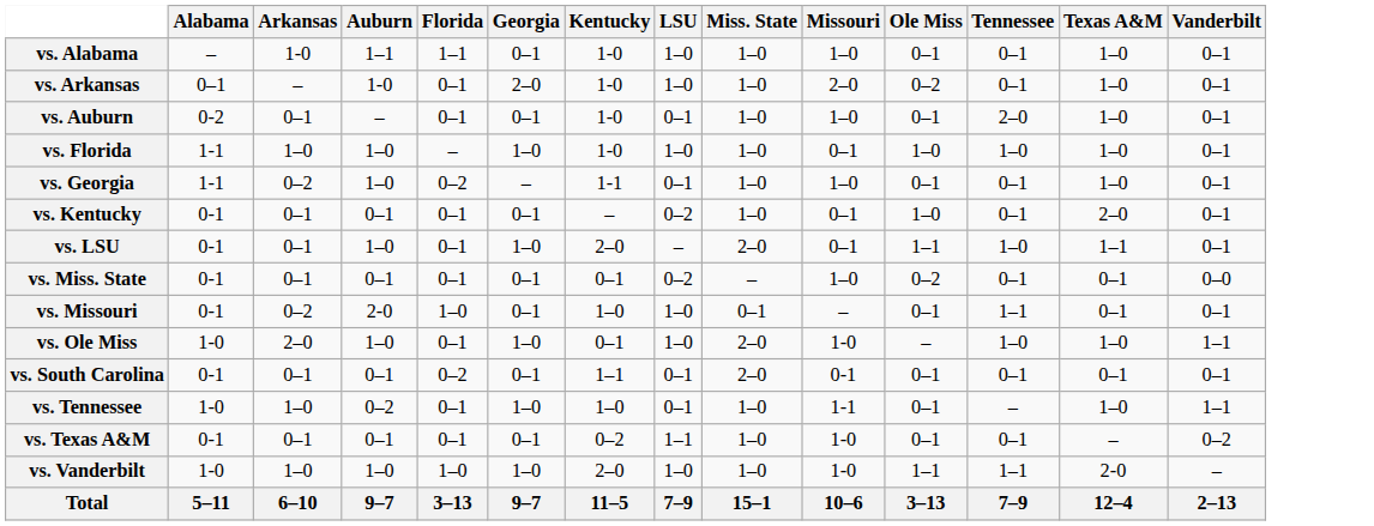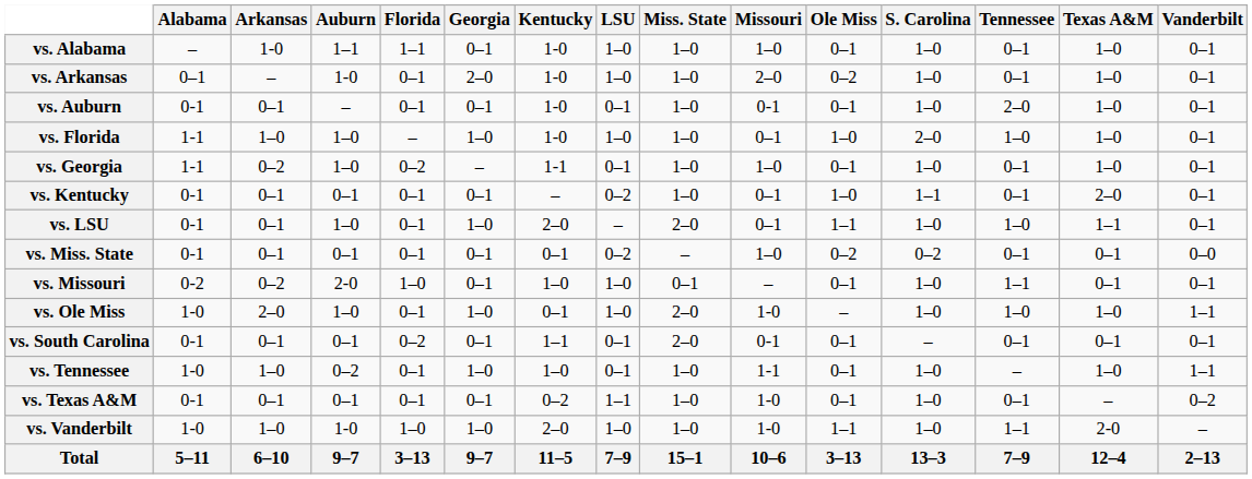 <table class="wikitable" style="white-space:nowrap; font-size:90%;">
 <tr>
 <td style="background:white; border-top-style:hidden; border-left-style:hidden;"></td>
 <th>Alabama</th>
 <th>Arkansas</th>
 <th>Auburn</th>
 <th>Florida</th>
 <th>Georgia</th>
 <th>Kentucky</th>
 <th>LSU</th>
 <th>Miss. State</th>
 <th>Missouri</th>
 <th>Ole Miss</th>
+<th>S. Carolina</th>
 <th>Tennessee</th>
 <th>Texas A&M</th>
 <th>Vanderbilt</th>
 </tr>
 <tr style="text-align:center;">
 <th>vs. Alabama</th>
 <td>–</td>
 <td>1-0</td>
 <td>1–1</td>
 <td>1–1</td>
 <td>0–1</td>
 <td>1-0</td>
 <td>1–0</td>
 <td>1–0</td>
 <td>1–0</td>
 <td>0–1</td>
+<td>1–0</td>
 <td>0–1</td>
 <td>1–0</td>
 <td>0–1</td>
 </tr>
 <tr style="text-align:center;">
 <th>vs. Arkansas</th>
 <td>0–1</td>
 <td>–</td>
 <td>1-0</td>
 <td>0–1</td>
 <td>2–0</td>
 <td>1-0</td>
 <td>1–0</td>
 <td>1–0</td>
 <td>2–0</td>
 <td>0–2</td>
+<td>1–0</td>
 <td>0–1</td>
 <td>1–0</td>
 <td>0–1</td>
 </tr>
 <tr style="text-align:center;">
 <th>vs. Auburn</th>
-<td>0-2</td>
+<td>0-1</td>
 <td>0–1</td>
 <td>–</td>
 <td>0–1</td>
 <td>0–1</td>
 <td>1-0</td>
 <td>0–1</td>
 <td>1–0</td>
+<td>0-1</td>
+<td>0–1</td>
 <td>1–0</td>
-<td>0–1</td>
 <td>2–0</td>
 <td>1–0</td>
 <td>0–1</td>
 </tr>
 <tr style="text-align:center;">
 <th>vs. Florida</th>
 <td>1-1</td>
 <td>1–0</td>
 <td>1–0</td>
 <td>–</td>
 <td>1–0</td>
 <td>1-0</td>
 <td>1–0</td>
 <td>1–0</td>
 <td>0–1</td>
 <td>1–0</td>
+<td>2–0</td>
 <td>1–0</td>
 <td>1–0</td>
 <td>0–1</td>
 </tr>
 <tr style="text-align:center;">
 <th>vs. Georgia</th>
 <td>1-1</td>
 <td>0–2</td>
 <td>1–0</td>
 <td>0–2</td>
 <td>–</td>
 <td>1-1</td>
 <td>0–1</td>
 <td>1–0</td>
 <td>1–0</td>
 <td>0–1</td>
+<td>1–0</td>
 <td>0–1</td>
 <td>1–0</td>
 <td>0–1</td>
 </tr>
 <tr style="text-align:center;">
 <th>vs. Kentucky</th>
 <td>0-1</td>
 <td>0–1</td>
 <td>0–1</td>
 <td>0–1</td>
 <td>0–1</td>
 <td>–</td>
 <td>0–2</td>
 <td>1–0</td>
 <td>0–1</td>
 <td>1–0</td>
+<td>1–1</td>
 <td>0–1</td>
 <td>2–0</td>
 <td>0–1</td>
 </tr>
 <tr style="text-align:center;">
 <th>vs. LSU</th>
 <td>0-1</td>
 <td>0–1</td>
 <td>1–0</td>
 <td>0–1</td>
 <td>1–0</td>
 <td>2–0</td>
 <td>–</td>
 <td>2–0</td>
 <td>0–1</td>
 <td>1–1</td>
 <td>1–0</td>
+<td>1–0</td>
 <td>1–1</td>
 <td>0–1</td>
 </tr>
 <tr style="text-align:center;">
 <th>vs. Miss. State</th>
 <td>0-1</td>
 <td>0–1</td>
 <td>0–1</td>
 <td>0–1</td>
 <td>0–1</td>
 <td>0–1</td>
 <td>0–2</td>
 <td>–</td>
 <td>1–0</td>
 <td>0–2</td>
+<td>0–2</td>
 <td>0–1</td>
 <td>0–1</td>
 <td>0–0</td>
 </tr>
 <tr style="text-align:center;">
 <th>vs. Missouri</th>
-<td>0-1</td>
+<td>0-2</td>
 <td>0–2</td>
 <td>2-0</td>
 <td>1–0</td>
 <td>0–1</td>
 <td>1–0</td>
 <td>1–0</td>
 <td>0–1</td>
 <td>–</td>
 <td>0–1</td>
+<td>1–0</td>
 <td>1–1</td>
 <td>0–1</td>
 <td>0–1</td>
 </tr>
 <tr style="text-align:center;">
 <th>vs. Ole Miss</th>
 <td>1-0</td>
 <td>2–0</td>
 <td>1–0</td>
 <td>0–1</td>
 <td>1–0</td>
 <td>0–1</td>
 <td>1–0</td>
 <td>2–0</td>
 <td>1-0</td>
 <td>–</td>
 <td>1–0</td>
 <td>1–0</td>
+<td>1–0</td>
 <td>1–1</td>
 </tr>
 <tr style="text-align:center;">
 <th>vs. South Carolina</th>
 <td>0-1</td>
 <td>0–1</td>
 <td>0–1</td>
 <td>0–2</td>
 <td>0–1</td>
 <td>1–1</td>
 <td>0–1</td>
 <td>2–0</td>
 <td>0-1</td>
 <td>0–1</td>
+<td>–</td>
 <td>0–1</td>
 <td>0–1</td>
 <td>0–1</td>
 </tr>
 <tr style="text-align:center;">
 <th>vs. Tennessee</th>
 <td>1-0</td>
 <td>1–0</td>
 <td>0–2</td>
 <td>0–1</td>
 <td>1–0</td>
 <td>1–0</td>
 <td>0–1</td>
 <td>1–0</td>
 <td>1-1</td>
 <td>0–1</td>
+<td>1–0</td>
 <td>–</td>
 <td>1–0</td>
 <td>1–1</td>
 </tr>
 <tr style="text-align:center;">
 <th>vs. Texas A&M</th>
 <td>0-1</td>
 <td>0–1</td>
 <td>0–1</td>
 <td>0–1</td>
 <td>0–1</td>
 <td>0–2</td>
 <td>1–1</td>
 <td>1–0</td>
 <td>1-0</td>
 <td>0–1</td>
+<td>1–0</td>
 <td>0–1</td>
 <td>–</td>
 <td>0–2</td>
 </tr>
 <tr style="text-align:center;">
 <th>vs. Vanderbilt</th>
 <td>1-0</td>
 <td>1–0</td>
-<td>1–0</td>
+<td>1-0</td>
 <td>1–0</td>
 <td>1–0</td>
 <td>2–0</td>
 <td>1–0</td>
 <td>1–0</td>
 <td>1-0</td>
 <td>1–1</td>
+<td>1–0</td>
 <td>1–1</td>
 <td>2-0</td>
 <td>–</td>
 </tr>
 <tr style="text-align:center;">
 <th>Total</th>
 <th>5–11</th>
 <th>6–10</th>
 <th>9–7</th>
 <th>3–13</th>
 <th>9–7</th>
 <th>11–5</th>
 <th>7–9</th>
 <th>15–1</th>
 <th>10–6</th>
 <th>3–13</th>
+<th>13–3</th>
 <th>7–9</th>
 <th>12–4</th>
 <th>2–13</th>
 </tr>
 </table>
